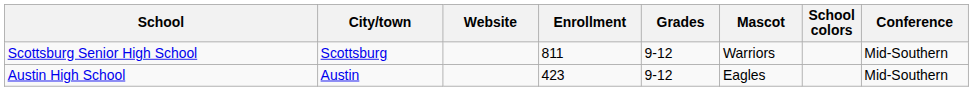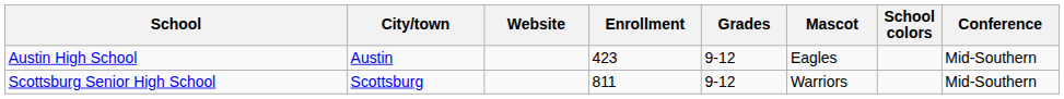 <table class="wikitable sortable" width="70%">
 <tr>
 <th width="20%">School</th>
 <th width="08%">City/town</th>
 <th width="06%">Website</th>
 <th width="04%">Enrollment</th>
 <th width="04%">Grades</th>
 <th width="04%">Mascot</th>
 <th width=01%>School colors</th>
 <th width="04%">Conference</th>
 </tr>
 <tr>
+<td><a href='#'>Austin High School</a></td>
+<td><a href='#'>Austin</a></td>
+<td></td>
+<td>423</td>
+<td>9-12</td>
+<td>Eagles</td>
+<td> </td>
+<td>Mid-Southern</td>
+</tr>
+<tr>
 <td><a href='#'>Scottsburg Senior High School</a></td>
 <td><a href='#'>Scottsburg</a></td>
 <td></td>
 <td>811</td>
 <td>9-12</td>
 <td>Warriors</td>
 <td>  </td>
 <td>Mid-Southern</td>
 </tr>
-<tr>
-<td><a href='#'>Austin High School</a></td>
-<td><a href='#'>Austin</a></td>
-<td></td>
-<td>423</td>
-<td>9-12</td>
-<td>Eagles</td>
-<td> </td>
-<td>Mid-Southern</td>
-</tr>
 </table>
